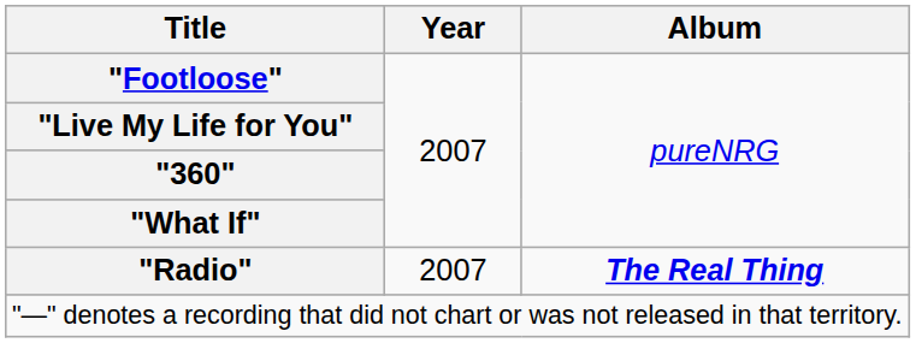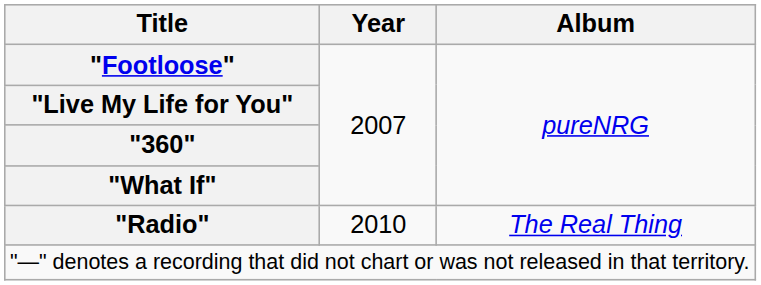 <table class="wikitable plainrowheaders" style="text-align:center;">
 <tr>
 <th scope="col" style="width:12em;">Title</th>
 <th>Year</th>
 <th>Album</th>
 </tr>
 <tr>
 <th scope="row">"<a href='#'>Footloose</a>"</th>
 <td rowspan="4">2007</td>
 <td rowspan="4"><em><a href='#'>pureNRG</a></em></td>
 </tr>
 <tr>
 <th scope="row">"Live My Life for You"</th>
 </tr>
 <tr>
 <th scope="row">"360"</th>
 </tr>
 <tr>
 <th scope="row">"What If"</th>
 </tr>
 <tr>
 <th scope="row">"Radio"</th>
-<td>2007</td>
-<td><strong><em><a href='#'>The Real Thing</a></em></strong></td>
+<td>2010</td>
+<td><em><a href='#'>The Real Thing</a></em></td>
 </tr>
 <tr>
 <td colspan="7" style="font-size:85%">"—" denotes a recording that did not chart or was not released in that territory.</td>
 </tr>
 </table>
